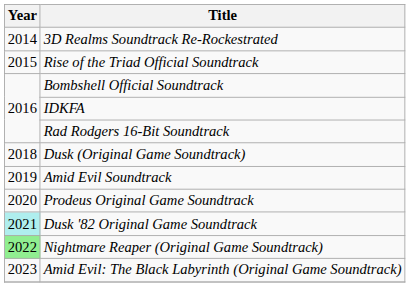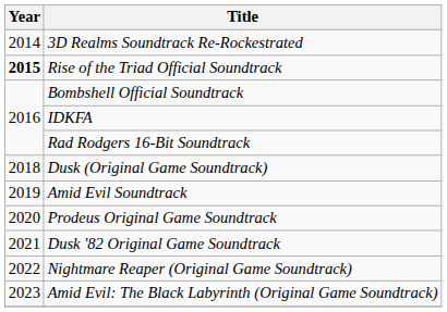 <table class="wikitable">
 <tr>
 <th>Year</th>
 <th>Title</th>
 </tr>
 <tr>
 <td>2014</td>
 <td><em>3D Realms Soundtrack Re-Rockestrated</em></td>
 </tr>
 <tr>
-<td>2015</td>
+<td><strong>2015</strong></td>
 <td><em>Rise of the Triad Official Soundtrack</em></td>
 </tr>
 <tr>
 <td rowspan="3">2016</td>
 <td><em>Bombshell Official Soundtrack</em></td>
 </tr>
 <tr>
 <td><em>IDKFA</em></td>
 </tr>
 <tr>
 <td><em>Rad Rodgers 16-Bit Soundtrack</em></td>
 </tr>
 <tr>
 <td>2018</td>
 <td><em>Dusk (Original Game Soundtrack)</em></td>
 </tr>
 <tr>
 <td>2019</td>
 <td><em>Amid Evil Soundtrack</em></td>
 </tr>
 <tr>
 <td>2020</td>
 <td><em>Prodeus Original Game Soundtrack</em></td>
 </tr>
 <tr>
-<td style="background: paleturquoise;">2021</td>
+<td>2021</td>
 <td><em>Dusk '82 Original Game Soundtrack</em></td>
 </tr>
 <tr>
-<td style="background: lightgreen;">2022</td>
+<td>2022</td>
 <td><em>Nightmare Reaper (Original Game Soundtrack)</em></td>
 </tr>
 <tr>
 <td>2023</td>
 <td><em>Amid Evil: The Black Labyrinth (Original Game Soundtrack)</em></td>
 </tr>
 <tr>
 </tr>
 </table>
